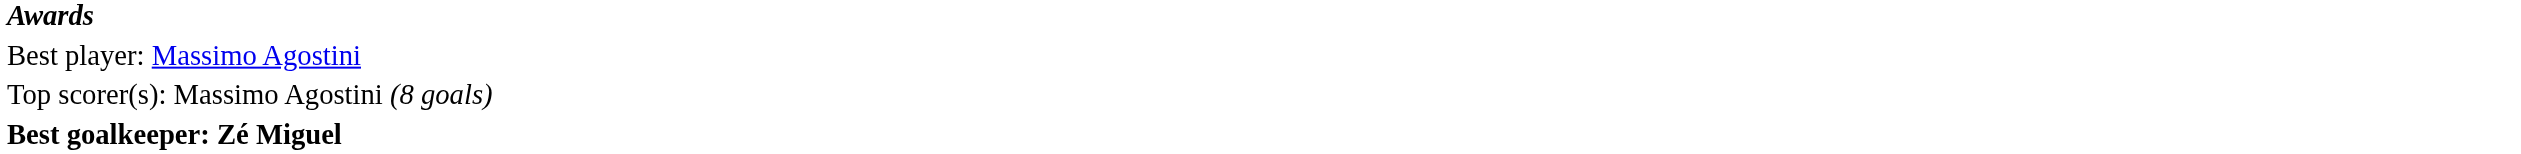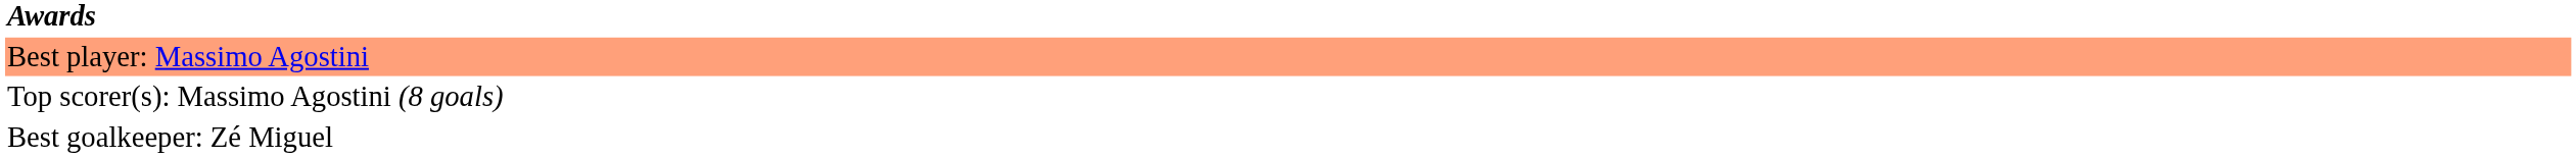 <table width=100% cellspacing=1 style="font-size: 90%;">
 <tr>
 <td><strong><em>Awards</em></strong></td>
 </tr>
 <tr>
-<td>Best player:  <a href='#'>Massimo Agostini</a></td>
+<td style="background: lightsalmon;">Best player:  <a href='#'>Massimo Agostini</a></td>
 </tr>
 <tr>
 <td colspan=4>Top scorer(s):  Massimo Agostini <em>(8 goals)</em></td>
 </tr>
 <tr>
-<td><strong>Best goalkeeper:  Zé Miguel</strong></td>
+<td>Best goalkeeper:  Zé Miguel</td>
 </tr>
 </table>
